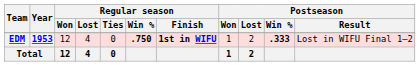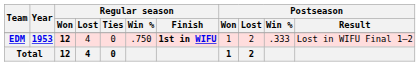 <table class="wikitable" style="font-size: 95%; text-align:center;">
 <tr>
 <th rowspan="2">Team</th>
 <th rowspan="2">Year</th>
 <th colspan="5">Regular season</th>
 <th colspan="4">Postseason</th>
 </tr>
 <tr>
 <th>Won</th>
 <th>Lost</th>
 <th>Ties</th>
 <th>Win %</th>
 <th>Finish</th>
 <th>Won</th>
 <th>Lost</th>
 <th>Win %</th>
 <th>Result</th>
 </tr>
 <tr>
 </tr>
 <tr ! style="background:#fdd;">
 <th><a href='#'>EDM</a></th>
 <th><a href='#'>1953</a></th>
-<td>12</td>
+<td><strong>12</strong></td>
 <td>4</td>
 <td>0</td>
-<td><strong>.750</strong></td>
+<td>.750</td>
 <td><strong>1st in <a href='#'>WIFU</a></strong></td>
 <td>1</td>
 <td>2</td>
-<td><strong>.333</strong></td>
+<td>.333</td>
 <td>Lost in WIFU Final 1–2</td>
 </tr>
 <tr>
 <th colspan="2">Total</th>
 <th>12</th>
 <th>4</th>
 <th>0</th>
 <th></th>
 <th></th>
 <th>1</th>
 <th>2</th>
 <th></th>
 <th></th>
 </tr>
 </table>
